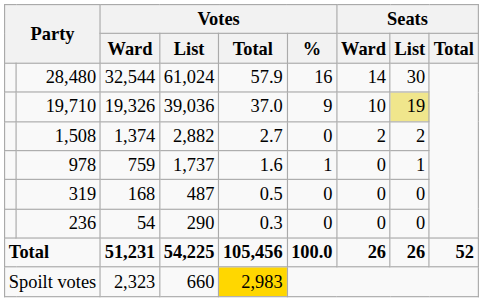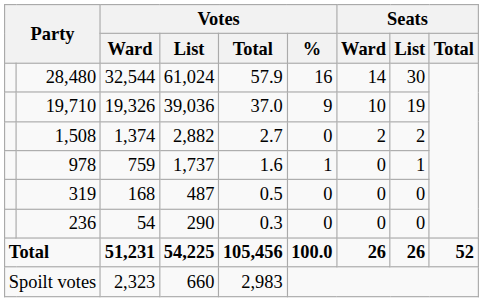 <table class=wikitable style="text-align:right">
 <tr>
 <th rowspan="2" colspan="2">Party</th>
 <th colspan="4" align="center">Votes</th>
 <th colspan="3" align="center">Seats</th>
 </tr>
 <tr>
 <th>Ward</th>
 <th>List</th>
 <th>Total</th>
 <th>%</th>
 <th>Ward</th>
 <th>List</th>
 <th>Total</th>
 </tr>
 <tr>
 <td></td>
 <td>28,480</td>
 <td>32,544</td>
 <td>61,024</td>
 <td>57.9</td>
 <td>16</td>
 <td>14</td>
 <td>30</td>
 </tr>
 <tr>
 <td></td>
 <td>19,710</td>
 <td>19,326</td>
 <td>39,036</td>
 <td>37.0</td>
 <td>9</td>
 <td>10</td>
-<td style="background: khaki;">19</td>
+<td>19</td>
 </tr>
 <tr>
 <td></td>
 <td>1,508</td>
 <td>1,374</td>
 <td>2,882</td>
 <td>2.7</td>
 <td>0</td>
 <td>2</td>
 <td>2</td>
 </tr>
 <tr>
 <td></td>
 <td>978</td>
 <td>759</td>
 <td>1,737</td>
 <td>1.6</td>
 <td>1</td>
 <td>0</td>
 <td>1</td>
 </tr>
 <tr>
 <td></td>
 <td>319</td>
 <td>168</td>
 <td>487</td>
 <td>0.5</td>
 <td>0</td>
 <td>0</td>
 <td>0</td>
 </tr>
 <tr>
 <td></td>
 <td>236</td>
 <td>54</td>
 <td>290</td>
 <td>0.3</td>
 <td>0</td>
 <td>0</td>
 <td>0</td>
 </tr>
 <tr>
 <td colspan="2" style="text-align:left"><strong>Total</strong></td>
 <td><strong>51,231</strong></td>
 <td><strong>54,225</strong></td>
 <td><strong>105,456</strong></td>
 <td><strong>100.0</strong></td>
 <td><strong>26</strong></td>
 <td><strong>26</strong></td>
 <td><strong>52</strong></td>
 </tr>
 <tr>
 <td colspan="2" style="text-align:left">Spoilt votes</td>
 <td>2,323</td>
 <td>660</td>
-<td style="background: gold;">2,983</td>
+<td>2,983</td>
 </tr>
 </table>
